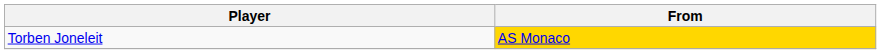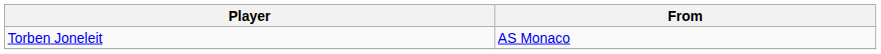 <table class="wikitable" style="text-align:center; font-size:95%;width:75%; text-align:left">
 <tr>
 <th>Player</th>
 <th>From</th>
 </tr>
 <tr>
 <td> <a href='#'>Torben Joneleit</a></td>
-<td style="background: gold;"><a href='#'>AS Monaco</a></td>
+<td><a href='#'>AS Monaco</a></td>
 </tr>
 <tr>
 </tr>
 </table>
